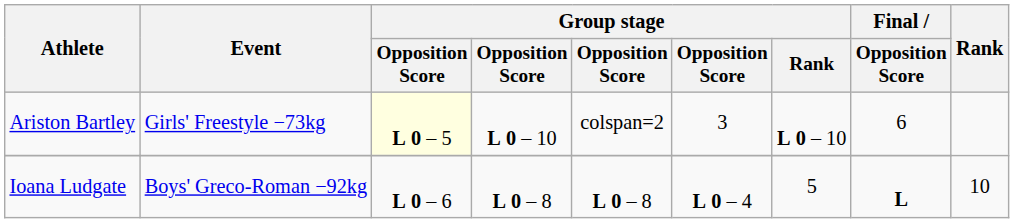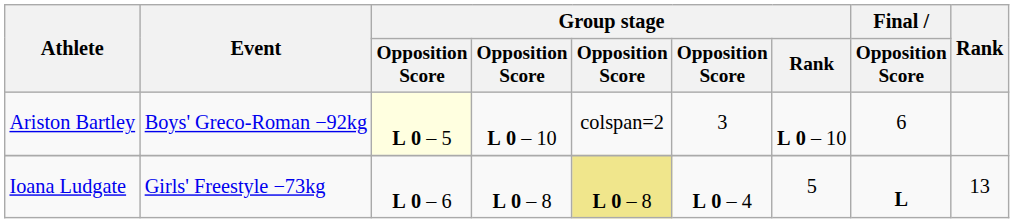 <table class="wikitable" style="font-size:90%">
 <tr>
 <th rowspan=2>Athlete</th>
 <th rowspan=2>Event</th>
 <th colspan=5>Group stage</th>
 <th>Final / </th>
 <th rowspan=2>Rank</th>
 </tr>
 <tr style="font-size:95%">
 <th>Opposition<br>Score</th>
 <th>Opposition<br>Score</th>
 <th>Opposition<br>Score</th>
 <th>Opposition<br>Score</th>
 <th>Rank</th>
 <th>Opposition<br>Score</th>
 </tr>
 <tr align=center>
 <td align=left><a href='#'>Ariston Bartley</a></td>
-<td align=left><a href='#'>Girls' Freestyle −73kg</a></td>
+<td align=left><a href='#'>Boys' Greco-Roman −92kg</a></td>
 <td style="background: lightyellow;"><br><strong>L</strong> <strong>0</strong> – 5 <sup></sup></td>
 <td><br><strong>L</strong> <strong>0</strong> – 10 <sup></sup></td>
 <td>colspan=2 </td>
 <td>3 </td>
 <td><br><strong>L</strong> <strong>0</strong> – 10 <sup></sup></td>
 <td>6</td>
 </tr>
 <tr>
 </tr>
 <tr align=center>
 <td align=left><a href='#'>Ioana Ludgate</a></td>
-<td align=left><a href='#'>Boys' Greco-Roman −92kg</a></td>
+<td align=left><a href='#'>Girls' Freestyle −73kg</a></td>
 <td><br><strong>L</strong> <strong>0</strong> – 6 <sup></sup></td>
 <td><br><strong>L</strong> <strong>0</strong> – 8 <sup></sup></td>
-<td><br><strong>L</strong> <strong>0</strong> – 8 <sup></sup></td>
+<td style="background: khaki;"><br><strong>L</strong> <strong>0</strong> – 8 <sup></sup></td>
 <td><br><strong>L</strong> <strong>0</strong> – 4 <sup></sup></td>
 <td>5 </td>
 <td><br><strong>L</strong> <strong></strong></td>
-<td>10</td>
+<td>13</td>
 </tr>
 </table>
